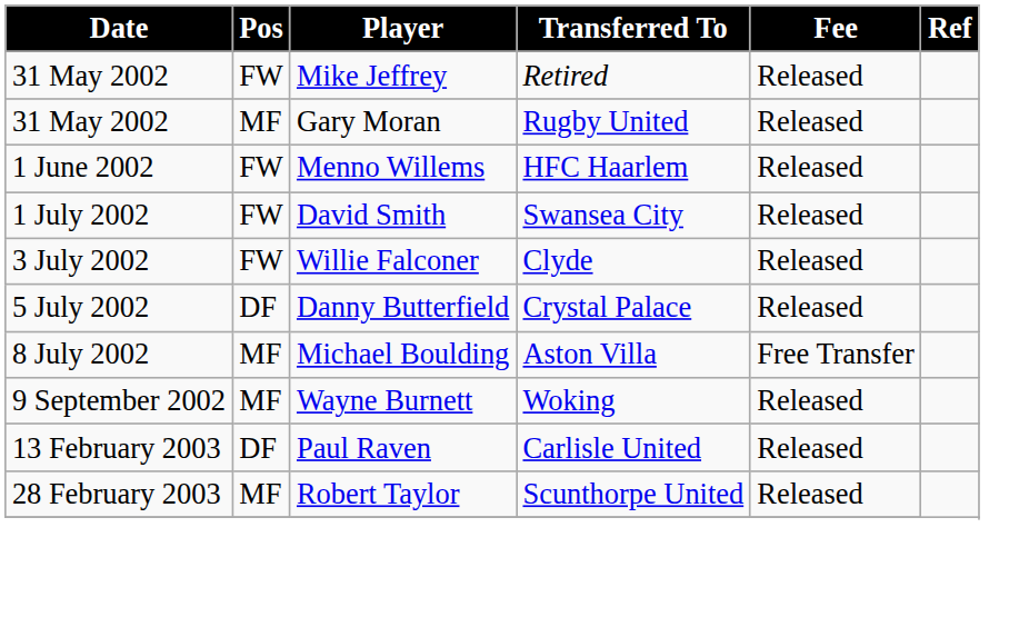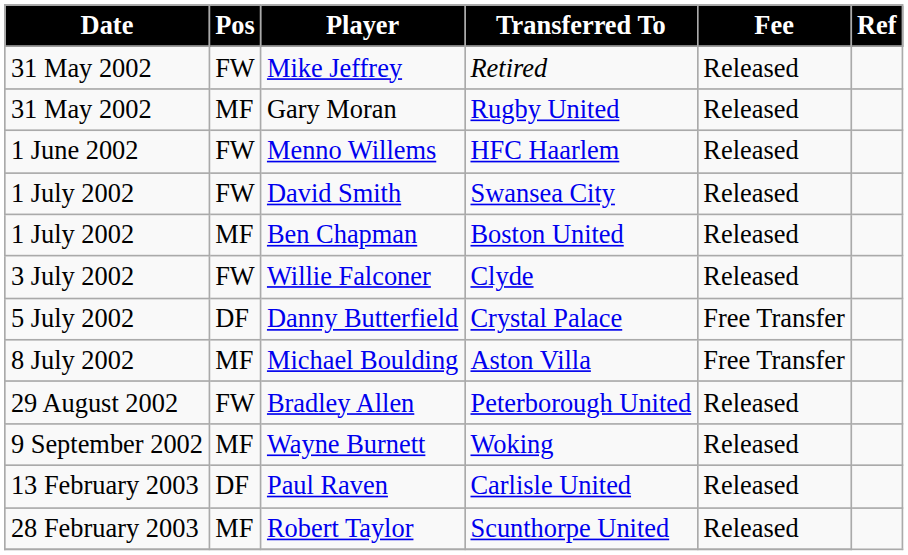 <table class="wikitable plainrowheaders sortable">
 <tr>
 <th style="background:#000000; color:#FFFFFF; ">Date</th>
 <th style="background:#000000; color:#FFFFff; ">Pos</th>
 <th style="background:#000000; color:#FFFFff; ">Player</th>
 <th style="background:#000000; color:#FFFFff; ">Transferred To</th>
 <th style="background:#000000; color:#FFFFff; ">Fee</th>
 <th style="background:#000000; color:#FFFFff; ">Ref</th>
 </tr>
 <tr>
 <td>31 May 2002</td>
 <td>FW</td>
 <td> <a href='#'>Mike Jeffrey</a></td>
 <td><em>Retired</em></td>
 <td>Released</td>
 <td></td>
 </tr>
 <tr>
 <td>31 May 2002</td>
 <td>MF</td>
 <td> Gary Moran</td>
 <td> <a href='#'>Rugby United</a></td>
 <td>Released</td>
 <td></td>
 </tr>
 <tr>
 <td>1 June 2002</td>
 <td>FW</td>
 <td> <a href='#'>Menno Willems</a></td>
 <td> <a href='#'>HFC Haarlem</a></td>
 <td>Released</td>
 <td></td>
 </tr>
 <tr>
 <td>1 July 2002</td>
 <td>FW</td>
 <td> <a href='#'>David Smith</a></td>
 <td> <a href='#'>Swansea City</a></td>
 <td>Released</td>
 <td></td>
 </tr>
 <tr>
+<td>1 July 2002</td>
+<td>MF</td>
+<td> <a href='#'>Ben Chapman</a></td>
+<td> <a href='#'>Boston United</a></td>
+<td>Released</td>
+<td></td>
+</tr>
+<tr>
 <td>3 July 2002</td>
 <td>FW</td>
 <td> <a href='#'>Willie Falconer</a></td>
 <td> <a href='#'>Clyde</a></td>
 <td>Released</td>
 <td></td>
 </tr>
 <tr>
 <td>5 July 2002</td>
 <td>DF</td>
 <td> <a href='#'>Danny Butterfield</a></td>
 <td> <a href='#'>Crystal Palace</a></td>
-<td>Released</td>
+<td>Free Transfer</td>
 <td></td>
 </tr>
 <tr>
 <td>8 July 2002</td>
 <td>MF</td>
 <td> <a href='#'>Michael Boulding</a></td>
 <td> <a href='#'>Aston Villa</a></td>
 <td>Free Transfer</td>
+<td></td>
+</tr>
+<tr>
+<td>29 August 2002</td>
+<td>FW</td>
+<td> <a href='#'>Bradley Allen</a></td>
+<td> <a href='#'>Peterborough United</a></td>
+<td>Released</td>
 <td></td>
 </tr>
 <tr>
 <td>9 September 2002</td>
 <td>MF</td>
 <td> <a href='#'>Wayne Burnett</a></td>
 <td> <a href='#'>Woking</a></td>
 <td>Released</td>
 <td></td>
 </tr>
 <tr>
 <td>13 February 2003</td>
 <td>DF</td>
 <td> <a href='#'>Paul Raven</a></td>
 <td> <a href='#'>Carlisle United</a></td>
 <td>Released</td>
 <td></td>
 </tr>
 <tr>
 <td>28 February 2003</td>
 <td>MF</td>
 <td> <a href='#'>Robert Taylor</a></td>
 <td> <a href='#'>Scunthorpe United</a></td>
 <td>Released</td>
 </tr>
 <tr>
 </tr>
 </table>
